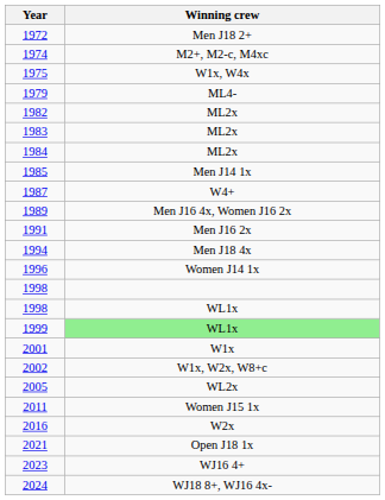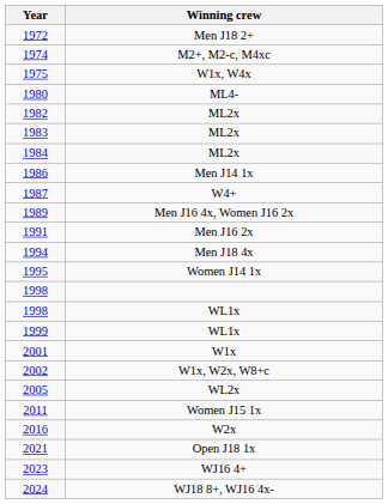 <table class="wikitable" style="text-align:center">
 <tr>
 <th width=70>Year</th>
 <th width=400>Winning crew</th>
 </tr>
 <tr>
 <td><a href='#'>1972</a></td>
 <td>Men J18 2+</td>
 </tr>
 <tr>
 <td><a href='#'>1974</a></td>
 <td>M2+, M2-c, M4xc</td>
 </tr>
 <tr>
 <td><a href='#'>1975</a></td>
 <td>W1x, W4x</td>
 </tr>
 <tr>
-<td><a href='#'>1979</a></td>
+<td><a href='#'>1980</a></td>
 <td>ML4-</td>
 </tr>
 <tr>
 <td><a href='#'>1982</a></td>
 <td>ML2x</td>
 </tr>
 <tr>
 <td><a href='#'>1983</a></td>
 <td>ML2x</td>
 </tr>
 <tr>
 <td><a href='#'>1984</a></td>
 <td>ML2x</td>
 </tr>
 <tr>
-<td><a href='#'>1985</a></td>
+<td><a href='#'>1986</a></td>
 <td>Men J14 1x</td>
 </tr>
 <tr>
 <td><a href='#'>1987</a></td>
 <td>W4+</td>
 </tr>
 <tr>
 <td><a href='#'>1989</a></td>
 <td>Men J16 4x, Women J16 2x</td>
 </tr>
 <tr>
 <td><a href='#'>1991</a></td>
 <td>Men J16 2x</td>
 </tr>
 <tr>
 <td><a href='#'>1994</a></td>
 <td>Men J18 4x</td>
 </tr>
 <tr>
-<td><a href='#'>1996</a></td>
+<td><a href='#'>1995</a></td>
 <td>Women J14 1x</td>
 </tr>
 <tr>
 <td><a href='#'>1998</a></td>
 <td></td>
 </tr>
 <tr>
 <td><a href='#'>1998</a></td>
 <td>WL1x</td>
 </tr>
 <tr>
 <td><a href='#'>1999</a></td>
-<td style="background: lightgreen;">WL1x </td>
+<td>WL1x </td>
 </tr>
 <tr>
 <td><a href='#'>2001</a></td>
 <td>W1x</td>
 </tr>
 <tr>
 <td><a href='#'>2002</a></td>
 <td>W1x, W2x, W8+c</td>
 </tr>
 <tr>
 <td><a href='#'>2005</a></td>
 <td>WL2x</td>
 </tr>
 <tr>
 <td><a href='#'>2011</a></td>
 <td>Women J15 1x</td>
 </tr>
 <tr>
 <td><a href='#'>2016</a></td>
 <td>W2x</td>
 </tr>
 <tr>
 <td><a href='#'>2021</a></td>
 <td>Open J18 1x </td>
 </tr>
 <tr>
 <td><a href='#'>2023</a></td>
 <td>WJ16 4+</td>
 </tr>
 <tr>
 <td><a href='#'>2024</a></td>
 <td>WJ18 8+, WJ16 4x-</td>
 </tr>
 </table>
